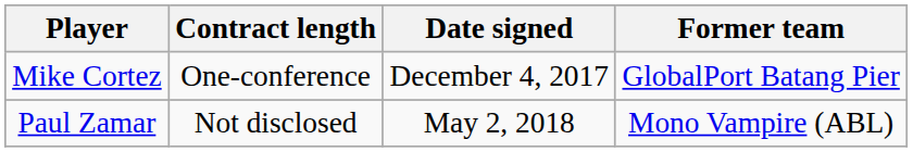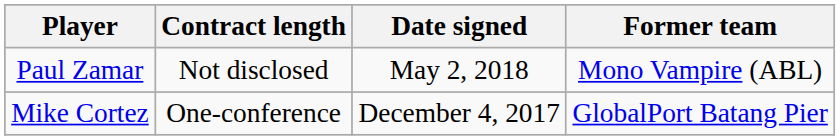 <table class="wikitable sortable sortable" style="text-align: center">
 <tr>
 <th>Player</th>
 <th>Contract length</th>
 <th>Date signed</th>
 <th>Former team</th>
 </tr>
 <tr>
+<td><a href='#'>Paul Zamar</a></td>
+<td>Not disclosed</td>
+<td>May 2, 2018</td>
+<td><a href='#'>Mono Vampire</a> (ABL)</td>
+</tr>
+<tr>
 <td><a href='#'>Mike Cortez</a></td>
 <td>One-conference</td>
 <td>December 4, 2017</td>
 <td align=center><a href='#'>GlobalPort Batang Pier</a></td>
 </tr>
-<tr>
-<td><a href='#'>Paul Zamar</a></td>
-<td>Not disclosed</td>
-<td>May 2, 2018</td>
-<td><a href='#'>Mono Vampire</a> (ABL)</td>
-</tr>
 </table>
